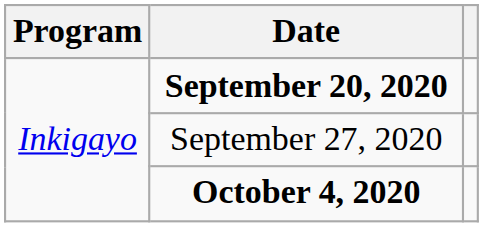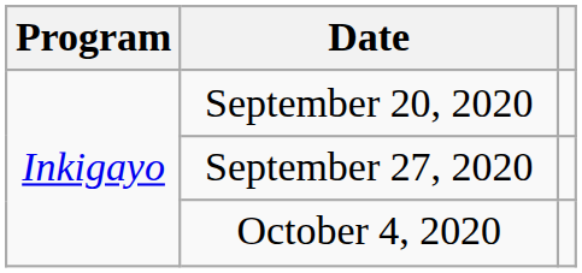 <table class="sortable wikitable" style="text-align:center;">
 <tr>
 <th>Program</th>
 <th width="140">Date</th>
 <th class="unsortable"></th>
 </tr>
 <tr>
 <td rowspan="3"><em><a href='#'>Inkigayo</a></em></td>
-<td><strong>September 20, 2020</strong></td>
+<td>September 20, 2020</td>
 <td></td>
 </tr>
 <tr>
 <td>September 27, 2020</td>
 <td></td>
 </tr>
 <tr>
-<td><strong>October 4, 2020</strong></td>
+<td>October 4, 2020</td>
 <td></td>
 </tr>
 </table>
